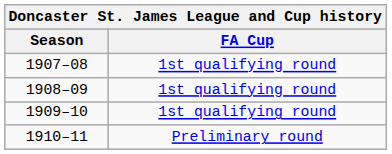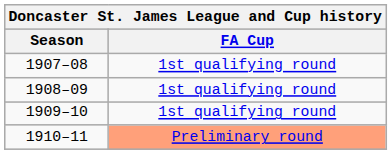 <table class="wikitable collapsible" style="text-align:center;font-size:75%">
 <tr>
 <th colspan="2"><strong>Doncaster St. James League and Cup history</strong></th>
 </tr>
 <tr>
 <th>Season</th>
 <th><a href='#'>FA Cup</a></th>
 </tr>
 <tr>
 <td>1907–08</td>
 <td><a href='#'>1st qualifying round</a></td>
 </tr>
 <tr>
 <td>1908–09</td>
 <td><a href='#'>1st qualifying round</a></td>
 </tr>
 <tr>
 <td>1909–10</td>
 <td><a href='#'>1st qualifying round</a></td>
 </tr>
 <tr>
 <td>1910–11</td>
-<td><a href='#'>Preliminary round</a></td>
+<td style="background: lightsalmon;"><a href='#'>Preliminary round</a></td>
 </tr>
 </table>
